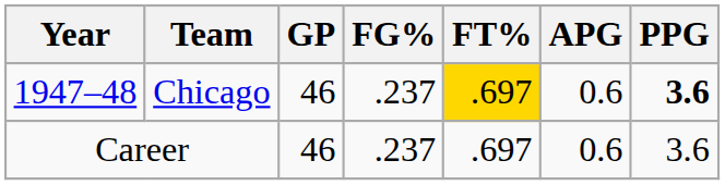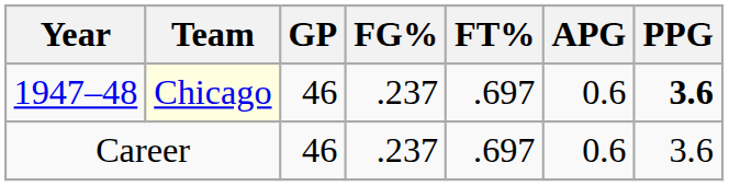 <table class="wikitable sortable" style="font-size:95%; text-align:right;">
 <tr>
 <th>Year</th>
 <th>Team</th>
 <th>GP</th>
 <th>FG%</th>
 <th>FT%</th>
 <th>APG</th>
 <th>PPG</th>
 </tr>
 <tr>
 <td style="text-align:left;"><a href='#'>1947–48</a></td>
-<td style="text-align:left;"><a href='#'>Chicago</a></td>
+<td style="background: lightyellow; text-align:left;"><a href='#'>Chicago</a></td>
 <td>46</td>
 <td>.237</td>
-<td style="background: gold;">.697</td>
+<td>.697</td>
 <td>0.6</td>
 <td><strong>3.6</strong></td>
 </tr>
 <tr>
 <td style="text-align:center;" colspan="2">Career</td>
 <td>46</td>
 <td>.237</td>
 <td>.697</td>
 <td>0.6</td>
 <td>3.6</td>
 </tr>
 <tr>
 </tr>
 </table>
